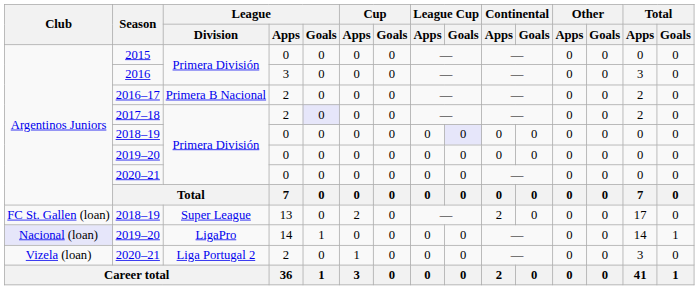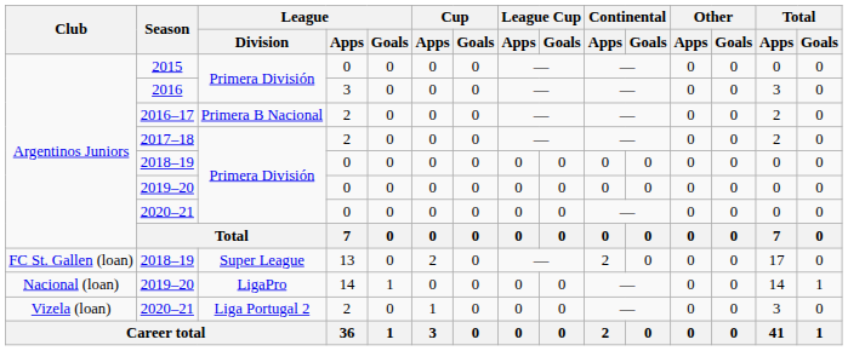 <table class="wikitable" style="text-align:center">
 <tr>
 <th rowspan="2">Club</th>
 <th rowspan="2">Season</th>
 <th colspan="3">League</th>
 <th colspan="2">Cup</th>
 <th colspan="2">League Cup</th>
 <th colspan="2">Continental</th>
 <th colspan="2">Other</th>
 <th colspan="2">Total</th>
 </tr>
 <tr>
 <th>Division</th>
 <th>Apps</th>
 <th>Goals</th>
 <th>Apps</th>
 <th>Goals</th>
 <th>Apps</th>
 <th>Goals</th>
 <th>Apps</th>
 <th>Goals</th>
 <th>Apps</th>
 <th>Goals</th>
 <th>Apps</th>
 <th>Goals</th>
 </tr>
 <tr>
 <td rowspan="8"><a href='#'>Argentinos Juniors</a></td>
 <td><a href='#'>2015</a></td>
 <td rowspan="2"><a href='#'>Primera División</a></td>
 <td>0</td>
 <td>0</td>
 <td>0</td>
 <td>0</td>
 <td colspan="2">—</td>
 <td colspan="2">—</td>
 <td>0</td>
 <td>0</td>
 <td>0</td>
 <td>0</td>
 </tr>
 <tr>
 <td><a href='#'>2016</a></td>
 <td>3</td>
 <td>0</td>
 <td>0</td>
 <td>0</td>
 <td colspan="2">—</td>
 <td colspan="2">—</td>
 <td>0</td>
 <td>0</td>
 <td>3</td>
 <td>0</td>
 </tr>
 <tr>
 <td><a href='#'>2016–17</a></td>
 <td rowspan="1"><a href='#'>Primera B Nacional</a></td>
 <td>2</td>
 <td>0</td>
 <td>0</td>
 <td>0</td>
 <td colspan="2">—</td>
 <td colspan="2">—</td>
 <td>0</td>
 <td>0</td>
 <td>2</td>
 <td>0</td>
 </tr>
 <tr>
 <td><a href='#'>2017–18</a></td>
 <td rowspan="4"><a href='#'>Primera División</a></td>
 <td>2</td>
-<td style="background: lavender;">0</td>
+<td>0</td>
 <td>0</td>
 <td>0</td>
 <td colspan="2">—</td>
 <td colspan="2">—</td>
 <td>0</td>
 <td>0</td>
 <td>2</td>
 <td>0</td>
 </tr>
 <tr>
 <td><a href='#'>2018–19</a></td>
 <td>0</td>
 <td>0</td>
 <td>0</td>
 <td>0</td>
 <td>0</td>
-<td style="background: lavender;">0</td>
+<td>0</td>
 <td>0</td>
 <td>0</td>
 <td>0</td>
 <td>0</td>
 <td>0</td>
 <td>0</td>
 </tr>
 <tr>
 <td><a href='#'>2019–20</a></td>
 <td>0</td>
 <td>0</td>
 <td>0</td>
 <td>0</td>
 <td>0</td>
 <td>0</td>
 <td>0</td>
 <td>0</td>
 <td>0</td>
 <td>0</td>
 <td>0</td>
 <td>0</td>
 </tr>
 <tr>
 <td><a href='#'>2020–21</a></td>
 <td>0</td>
 <td>0</td>
 <td>0</td>
 <td>0</td>
 <td>0</td>
 <td>0</td>
 <td colspan="2">—</td>
 <td>0</td>
 <td>0</td>
 <td>0</td>
 <td>0</td>
 </tr>
 <tr>
 <th colspan="2">Total</th>
 <th>7</th>
 <th>0</th>
 <th>0</th>
 <th>0</th>
 <th>0</th>
 <th>0</th>
 <th>0</th>
 <th>0</th>
 <th>0</th>
 <th>0</th>
 <th>7</th>
 <th>0</th>
 </tr>
 <tr>
 <td rowspan="1"><a href='#'>FC St. Gallen</a> (loan)</td>
 <td><a href='#'>2018–19</a></td>
 <td rowspan="1"><a href='#'>Super League</a></td>
 <td>13</td>
 <td>0</td>
 <td>2</td>
 <td>0</td>
 <td colspan="2">—</td>
 <td>2</td>
 <td>0</td>
 <td>0</td>
 <td>0</td>
 <td>17</td>
 <td>0</td>
 </tr>
 <tr>
-<td rowspan="1" style="background: lavender;"><a href='#'>Nacional</a> (loan)</td>
+<td rowspan="1"><a href='#'>Nacional</a> (loan)</td>
 <td><a href='#'>2019–20</a></td>
 <td rowspan="1"><a href='#'>LigaPro</a></td>
 <td>14</td>
 <td>1</td>
 <td>0</td>
 <td>0</td>
 <td>0</td>
 <td>0</td>
 <td colspan="2">—</td>
 <td>0</td>
 <td>0</td>
 <td>14</td>
 <td>1</td>
 </tr>
 <tr>
 <td rowspan="1"><a href='#'>Vizela</a> (loan)</td>
 <td><a href='#'>2020–21</a></td>
 <td rowspan="1"><a href='#'>Liga Portugal 2</a></td>
 <td>2</td>
 <td>0</td>
 <td>1</td>
 <td>0</td>
 <td>0</td>
 <td>0</td>
 <td colspan="2">—</td>
 <td>0</td>
 <td>0</td>
 <td>3</td>
 <td>0</td>
 </tr>
 <tr>
 <th colspan="3">Career total</th>
 <th>36</th>
 <th>1</th>
 <th>3</th>
 <th>0</th>
 <th>0</th>
 <th>0</th>
 <th>2</th>
 <th>0</th>
 <th>0</th>
 <th>0</th>
 <th>41</th>
 <th>1</th>
 </tr>
 </table>
